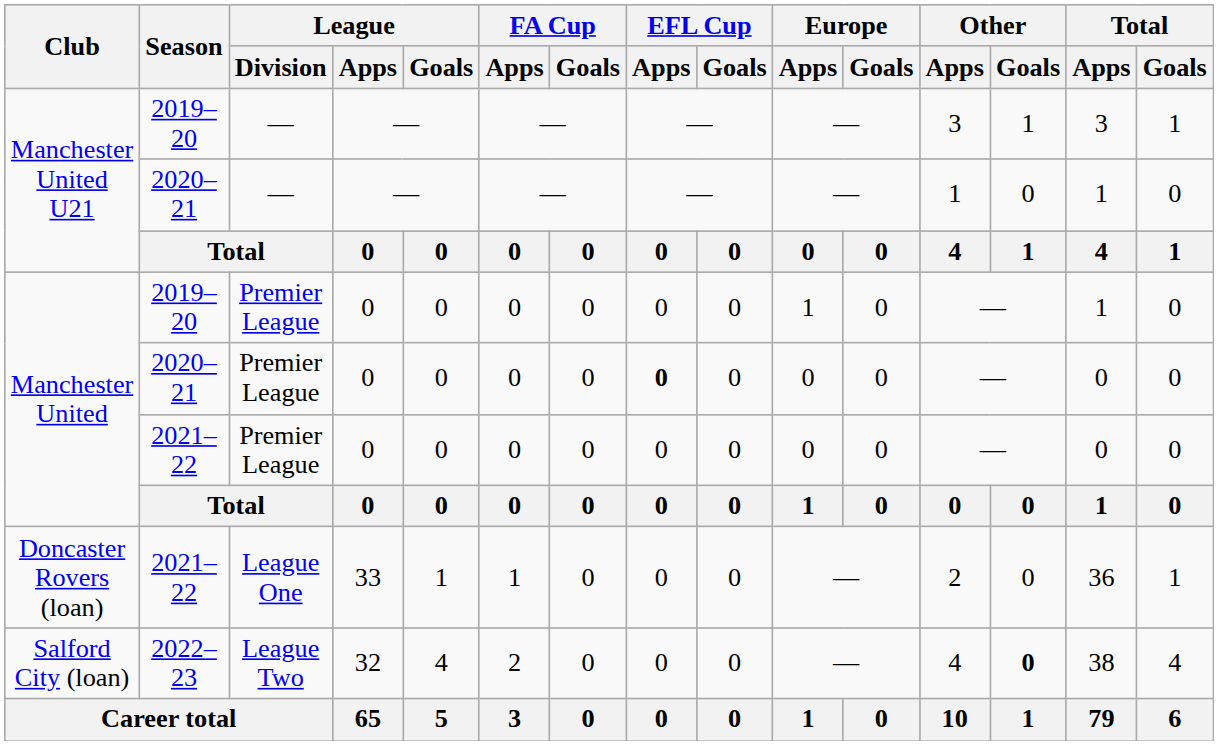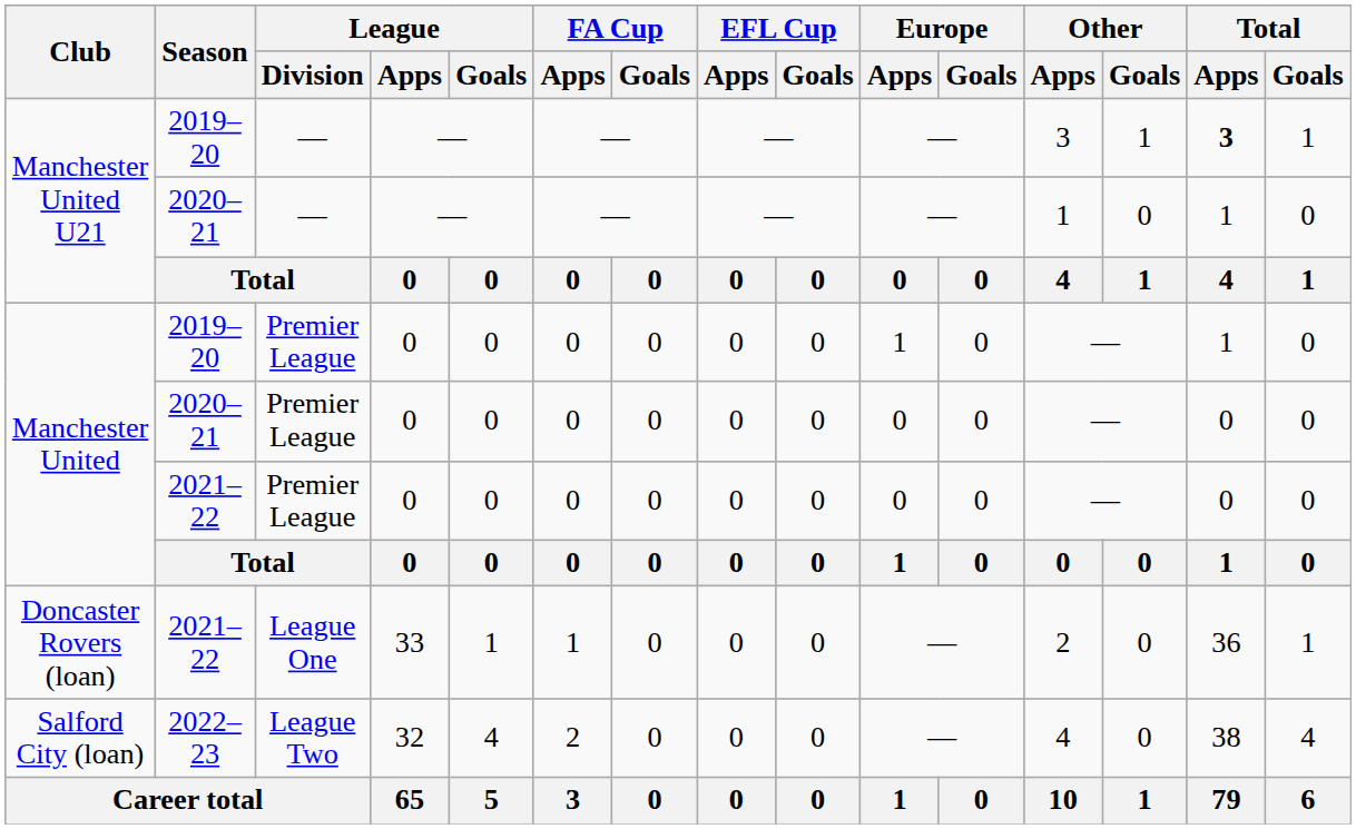 <table class=wikitable style=text-align:center>
 <tr>
 <th rowspan=2>Club</th>
 <th rowspan=2>Season</th>
 <th colspan=3>League</th>
 <th colspan=2><a href='#'>FA Cup</a></th>
 <th colspan=2><a href='#'>EFL Cup</a></th>
 <th colspan=2>Europe</th>
 <th colspan=2>Other</th>
 <th colspan=2>Total</th>
 </tr>
 <tr>
 <th>Division</th>
 <th>Apps</th>
 <th>Goals</th>
 <th>Apps</th>
 <th>Goals</th>
 <th>Apps</th>
 <th>Goals</th>
 <th>Apps</th>
 <th>Goals</th>
 <th>Apps</th>
 <th>Goals</th>
 <th>Apps</th>
 <th>Goals</th>
 </tr>
 <tr>
 <td rowspan="3"><a href='#'>Manchester United U21</a></td>
 <td><a href='#'>2019–20</a></td>
 <td>—</td>
 <td colspan=2>—</td>
 <td colspan=2>—</td>
 <td colspan=2>—</td>
 <td colspan=2>—</td>
 <td>3</td>
 <td>1</td>
-<td>3</td>
+<td><strong>3</strong></td>
 <td>1</td>
 </tr>
 <tr>
 <td><a href='#'>2020–21</a></td>
 <td>—</td>
 <td colspan=2>—</td>
 <td colspan=2>—</td>
 <td colspan=2>—</td>
 <td colspan=2>—</td>
 <td>1</td>
 <td>0</td>
 <td>1</td>
 <td>0</td>
 </tr>
 <tr>
 <th colspan="2">Total</th>
 <th>0</th>
 <th>0</th>
 <th>0</th>
 <th>0</th>
 <th>0</th>
 <th>0</th>
 <th>0</th>
 <th>0</th>
 <th>4</th>
 <th>1</th>
 <th>4</th>
 <th>1</th>
 </tr>
 <tr>
 <td rowspan="4"><a href='#'>Manchester United</a></td>
 <td><a href='#'>2019–20</a></td>
 <td><a href='#'>Premier League</a></td>
 <td>0</td>
 <td>0</td>
 <td>0</td>
 <td>0</td>
 <td>0</td>
 <td>0</td>
 <td>1</td>
 <td>0</td>
 <td colspan=2>—</td>
 <td>1</td>
 <td>0</td>
 </tr>
 <tr>
 <td><a href='#'>2020–21</a></td>
 <td>Premier League</td>
 <td>0</td>
 <td>0</td>
 <td>0</td>
 <td>0</td>
-<td><strong>0</strong></td>
+<td>0</td>
 <td>0</td>
 <td>0</td>
 <td>0</td>
 <td colspan=2>—</td>
 <td>0</td>
 <td>0</td>
 </tr>
 <tr>
 <td><a href='#'>2021–22</a></td>
 <td>Premier League</td>
 <td>0</td>
 <td>0</td>
 <td>0</td>
 <td>0</td>
 <td>0</td>
 <td>0</td>
 <td>0</td>
 <td>0</td>
 <td colspan=2>—</td>
 <td>0</td>
 <td>0</td>
 </tr>
 <tr>
 <th colspan="2">Total</th>
 <th>0</th>
 <th>0</th>
 <th>0</th>
 <th>0</th>
 <th>0</th>
 <th>0</th>
 <th>1</th>
 <th>0</th>
 <th>0</th>
 <th>0</th>
 <th>1</th>
 <th>0</th>
 </tr>
 <tr>
 <td><a href='#'>Doncaster Rovers</a> (loan)</td>
 <td><a href='#'>2021–22</a></td>
 <td><a href='#'>League One</a></td>
 <td>33</td>
 <td>1</td>
 <td>1</td>
 <td>0</td>
 <td>0</td>
 <td>0</td>
 <td colspan=2>—</td>
 <td>2</td>
 <td>0</td>
 <td>36</td>
 <td>1</td>
 </tr>
 <tr>
 <td><a href='#'>Salford City</a> (loan)</td>
 <td><a href='#'>2022–23</a></td>
 <td><a href='#'>League Two</a></td>
 <td>32</td>
 <td>4</td>
 <td>2</td>
 <td>0</td>
 <td>0</td>
 <td>0</td>
 <td colspan=2>—</td>
 <td>4</td>
-<td><strong>0</strong></td>
+<td>0</td>
 <td>38</td>
 <td>4</td>
 </tr>
 <tr>
 <th colspan=3>Career total</th>
 <th>65</th>
 <th>5</th>
 <th>3</th>
 <th>0</th>
 <th>0</th>
 <th>0</th>
 <th>1</th>
 <th>0</th>
 <th>10</th>
 <th>1</th>
 <th>79</th>
 <th>6</th>
 </tr>
 </table>
